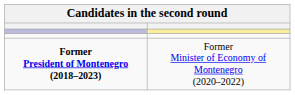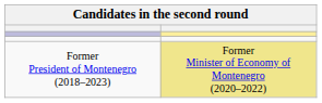 <table class="wikitable" style="font-size:90%; text-align:center">
 <tr>
 <td colspan="2" style="background:#f1f1f1;"><big><strong>Candidates in the second round</strong></big></td>
 </tr>
 <tr>
 <th style="width:3em; font-size:135%; background:"></th>
 <th style="width:3em; font-size:135%; background:"></th>
 </tr>
 <tr style="color:#000; font-size:100%; background:lightsteelblue;">
 <td style="width:3em; width:200px; background:#bdbbdd;"><strong><em></em></strong></td>
 <td style="width:3em; width:200px; background:#fcef9c;"><strong><em></em></strong></td>
 </tr>
 <tr>
 <td></td>
 <td></td>
 </tr>
 <tr>
-<td><strong>Former<br><a href='#'>President of Montenegro</a><br>(2018–2023)</strong></td>
-<td>Former<br><a href='#'>Minister of Economy of Montenegro</a><br>(2020–2022)</td>
+<td>Former<br><a href='#'>President of Montenegro</a><br>(2018–2023)</td>
+<td style="background: khaki;">Former<br><a href='#'>Minister of Economy of Montenegro</a><br>(2020–2022)</td>
 </tr>
 </table>
